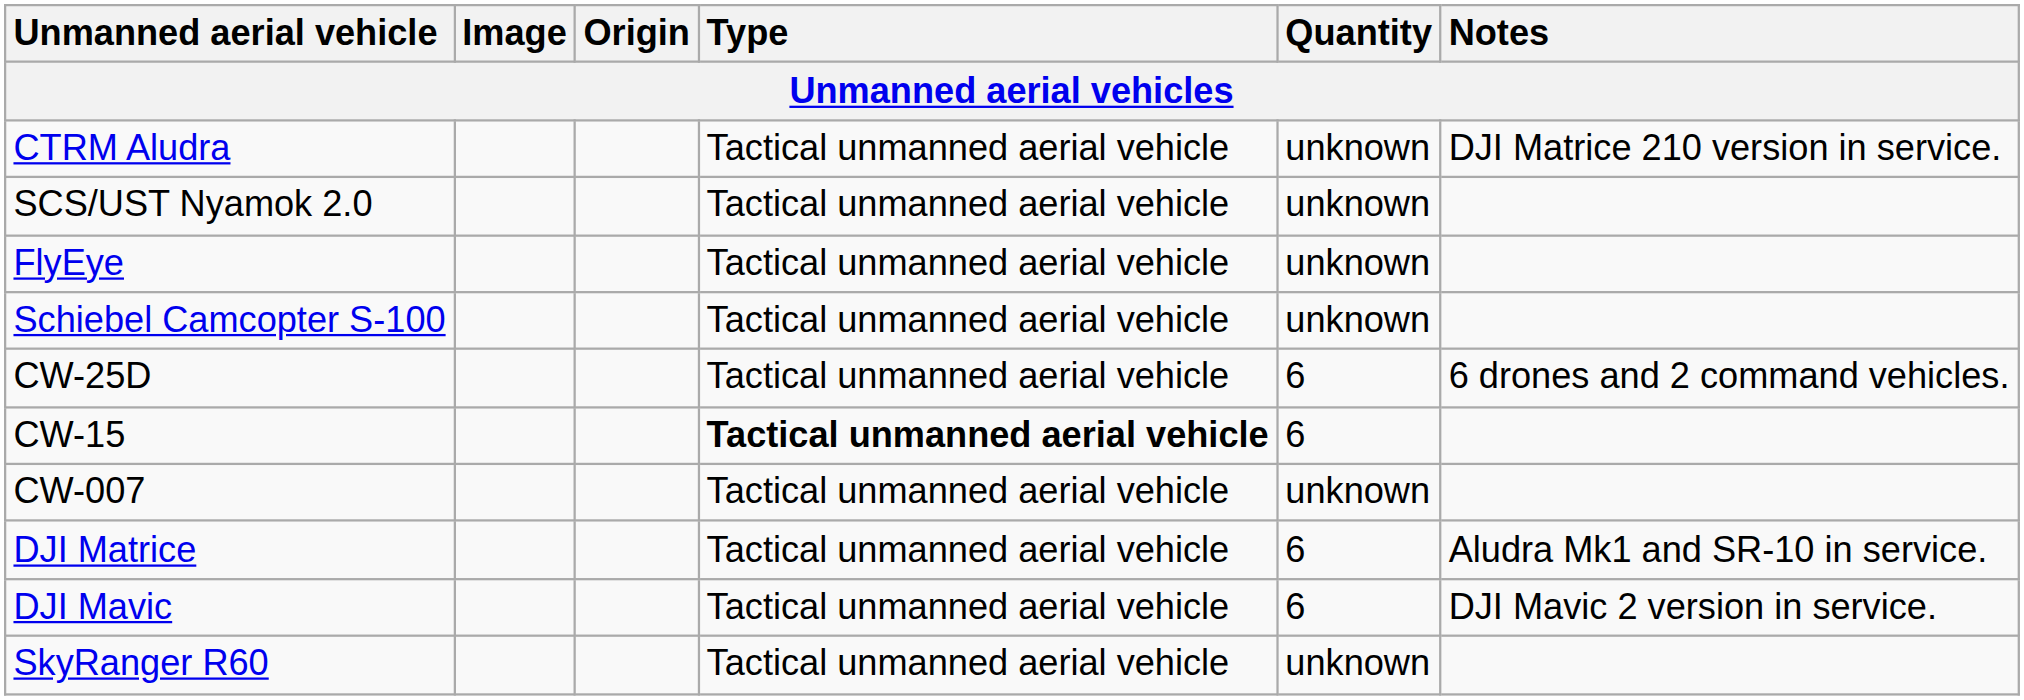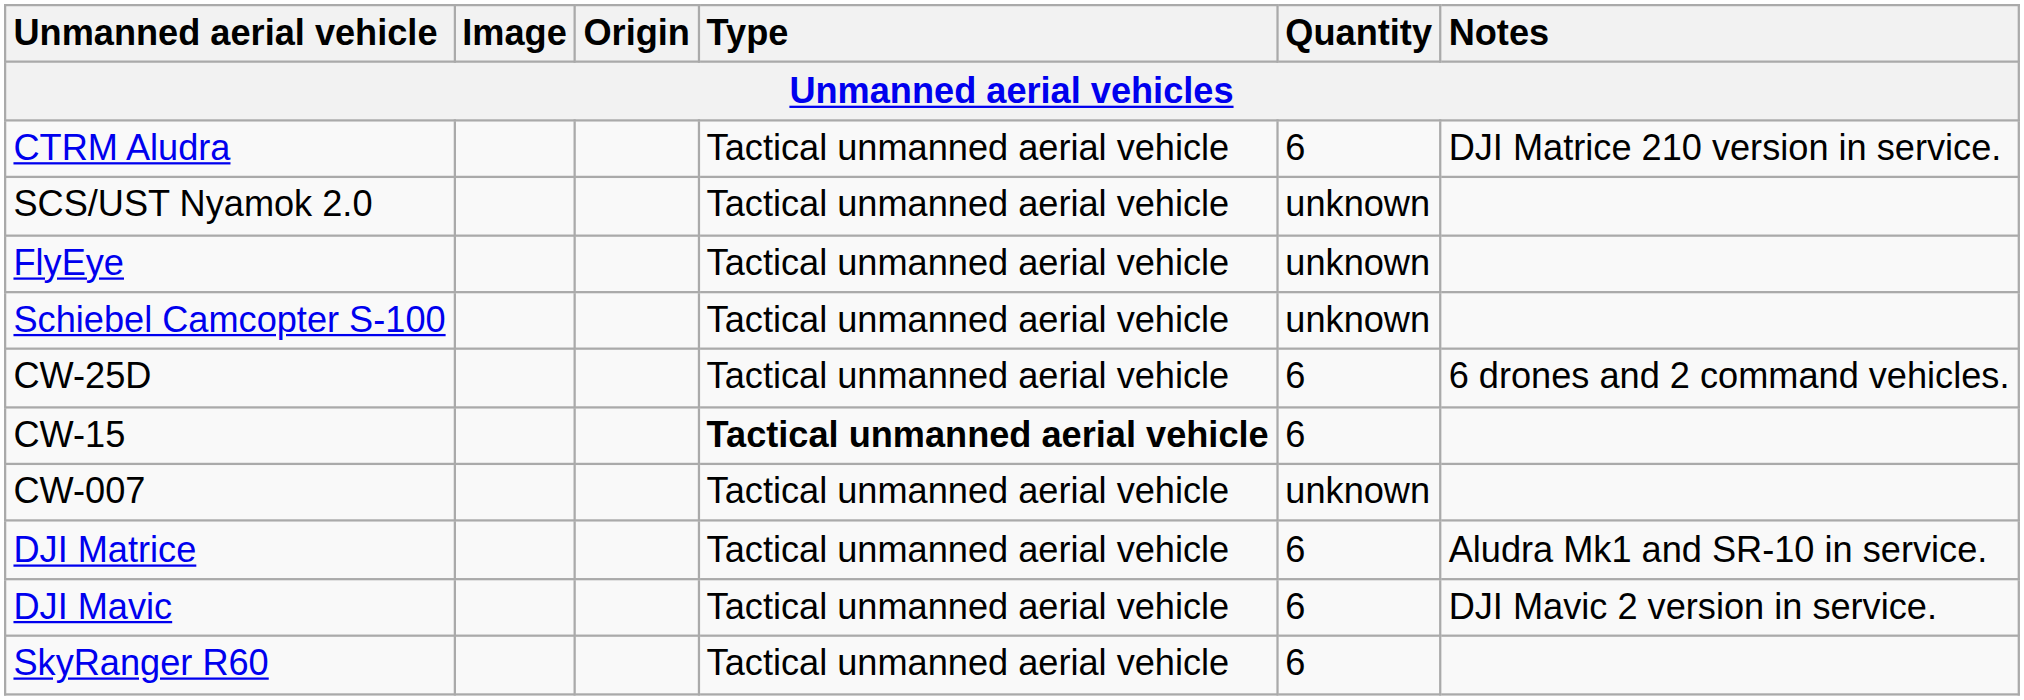 <table class="wikitable">
 <tr>
 <th style="text-align: left;">Unmanned aerial vehicle</th>
 <th style="text-align: left;">Image</th>
 <th style="text-align: left;">Origin</th>
 <th style="text-align: left;">Type</th>
 <th style="text-align: left;">Quantity</th>
 <th style="text-align: left;">Notes</th>
 </tr>
 <tr>
 <th style="align: center;" colspan="7"><a href='#'>Unmanned aerial vehicles</a></th>
 </tr>
 <tr>
 <td><a href='#'>CTRM Aludra</a></td>
 <td></td>
 <td></td>
 <td>Tactical unmanned aerial vehicle</td>
-<td>unknown</td>
+<td>6</td>
 <td>DJI Matrice 210 version in service.</td>
 </tr>
 <tr>
 <td>SCS/UST Nyamok 2.0</td>
 <td></td>
 <td></td>
 <td>Tactical unmanned aerial vehicle</td>
 <td>unknown</td>
 <td></td>
 </tr>
 <tr>
 <td><a href='#'>FlyEye</a></td>
 <td></td>
 <td></td>
 <td>Tactical unmanned aerial vehicle</td>
 <td>unknown</td>
 <td></td>
 </tr>
 <tr>
 <td><a href='#'>Schiebel Camcopter S-100</a></td>
 <td></td>
 <td></td>
 <td>Tactical unmanned aerial vehicle</td>
 <td>unknown</td>
 <td></td>
 </tr>
 <tr>
 <td>CW-25D</td>
 <td></td>
 <td></td>
 <td>Tactical unmanned aerial vehicle</td>
 <td>6</td>
 <td>6 drones and 2 command vehicles.</td>
 </tr>
 <tr>
 <td>CW-15</td>
 <td></td>
 <td></td>
 <td><strong>Tactical unmanned aerial vehicle</strong></td>
 <td>6</td>
 <td></td>
 </tr>
 <tr>
 <td>CW-007</td>
 <td></td>
 <td></td>
 <td>Tactical unmanned aerial vehicle</td>
 <td>unknown</td>
 <td></td>
 </tr>
 <tr>
 <td><a href='#'>DJI Matrice</a></td>
 <td></td>
 <td></td>
 <td>Tactical unmanned aerial vehicle</td>
 <td>6</td>
 <td>Aludra Mk1 and SR-10 in service.</td>
 </tr>
 <tr>
 <td><a href='#'>DJI Mavic</a></td>
 <td></td>
 <td></td>
 <td>Tactical unmanned aerial vehicle</td>
 <td>6</td>
 <td>DJI Mavic 2 version in service.</td>
 </tr>
 <tr>
 <td><a href='#'>SkyRanger R60</a></td>
 <td></td>
 <td></td>
 <td>Tactical unmanned aerial vehicle</td>
-<td>unknown</td>
+<td>6</td>
 <td></td>
 </tr>
 </table>
